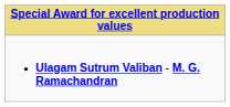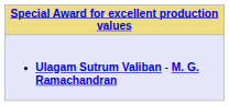 <table class="wikitable" width=50% |>
 <tr>
 <th !  style="background:#eedd82; text-align:center; width:50%;"><a href='#'>Special Award for excellent production values</a></th>
 </tr>
 <tr>
-<td valign="top"><br><ul><li><strong><a href='#'>Ulagam Sutrum Valiban</a></strong> - <strong><a href='#'>M. G. Ramachandran</a></strong></li></ul></td>
+<td valign="top" style="background: lavender;"><br><ul><li><strong><a href='#'>Ulagam Sutrum Valiban</a></strong> - <strong><a href='#'>M. G. Ramachandran</a></strong></li></ul></td>
 </tr>
 </table>
